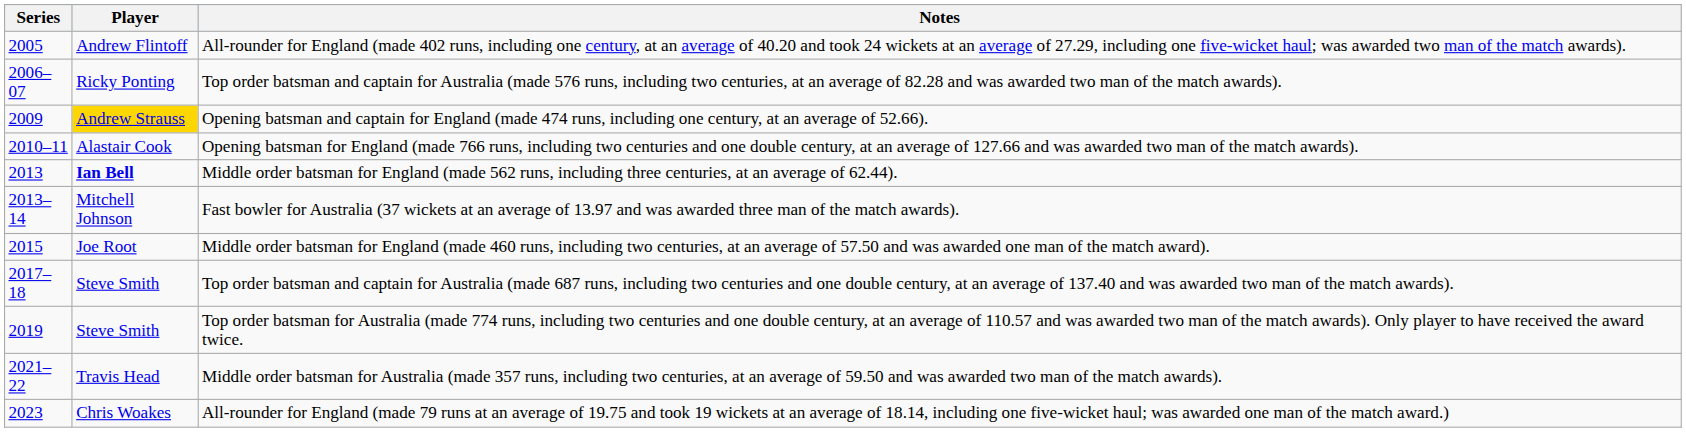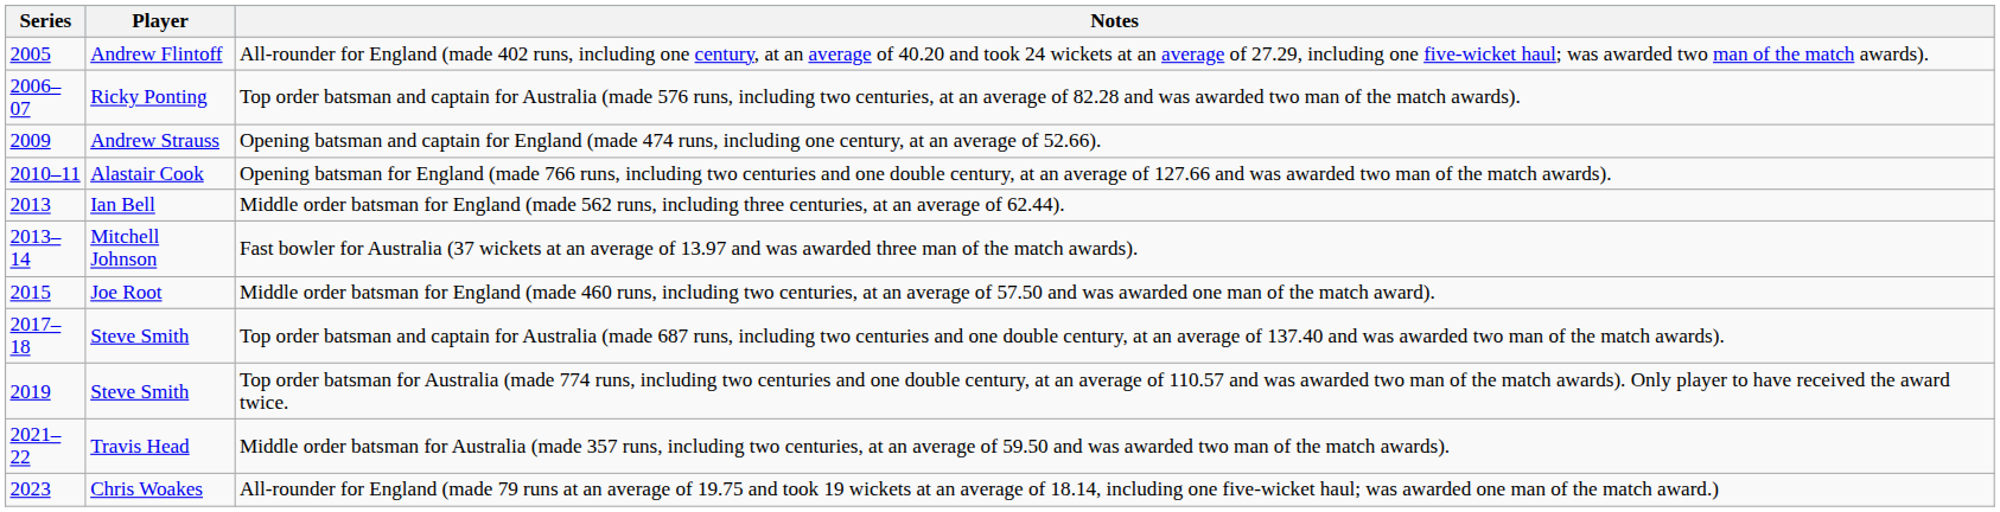 <table class="wikitable">
 <tr style="background:#87cefa;">
 <th>Series</th>
 <th>Player</th>
 <th>Notes</th>
 </tr>
 <tr>
 <td><a href='#'>2005</a></td>
 <td> <a href='#'>Andrew Flintoff</a></td>
 <td>All-rounder for England (made 402 runs, including one <a href='#'>century</a>, at an <a href='#'>average</a> of 40.20 and took 24 wickets at an <a href='#'>average</a> of 27.29, including one <a href='#'>five-wicket haul</a>; was awarded two <a href='#'>man of the match</a> awards).</td>
 </tr>
 <tr>
 <td><a href='#'>2006–07</a></td>
 <td> <a href='#'>Ricky Ponting</a></td>
 <td>Top order batsman and captain for Australia (made 576 runs, including two centuries, at an average of 82.28 and was awarded two man of the match awards).</td>
 </tr>
 <tr>
 <td><a href='#'>2009</a></td>
-<td style="background: gold;"> <a href='#'>Andrew Strauss</a></td>
+<td> <a href='#'>Andrew Strauss</a></td>
 <td>Opening batsman and captain for England (made 474 runs, including one century, at an average of 52.66).</td>
 </tr>
 <tr>
 <td><a href='#'>2010–11</a></td>
 <td> <a href='#'>Alastair Cook</a></td>
 <td>Opening batsman for England (made 766 runs, including two centuries and one double century, at an average of 127.66 and was awarded two man of the match awards).</td>
 </tr>
 <tr>
 <td><a href='#'>2013</a></td>
-<td><strong> <a href='#'>Ian Bell</a></strong></td>
+<td> <a href='#'>Ian Bell</a></td>
 <td>Middle order batsman for England (made 562 runs, including three centuries, at an average of 62.44).</td>
 </tr>
 <tr>
 <td><a href='#'>2013–14</a></td>
 <td> <a href='#'>Mitchell Johnson</a></td>
 <td>Fast bowler for Australia (37 wickets at an average of 13.97 and was awarded three man of the match awards).</td>
 </tr>
 <tr>
 <td><a href='#'>2015</a></td>
 <td> <a href='#'>Joe Root</a></td>
 <td>Middle order batsman for England (made 460 runs, including two centuries, at an average of 57.50 and was awarded one man of the match award).</td>
 </tr>
 <tr>
 <td><a href='#'>2017–18</a></td>
 <td> <a href='#'>Steve Smith</a></td>
 <td>Top order batsman and captain for Australia (made 687 runs, including two centuries and one double century, at an average of 137.40 and was awarded two man of the match awards).</td>
 </tr>
 <tr>
 <td><a href='#'>2019</a></td>
 <td> <a href='#'>Steve Smith</a></td>
 <td>Top order batsman for Australia (made 774 runs, including two centuries and one double century, at an average of 110.57 and was awarded two man of the match awards). Only player to have received the award twice.</td>
 </tr>
 <tr>
 <td><a href='#'>2021–22</a></td>
 <td> <a href='#'>Travis Head</a></td>
 <td>Middle order batsman for Australia (made 357 runs, including two centuries, at an average of 59.50 and was awarded two man of the match awards).</td>
 </tr>
 <tr>
 <td><a href='#'>2023</a></td>
 <td> <a href='#'>Chris Woakes</a></td>
 <td>All-rounder for England (made 79 runs at an average of 19.75 and took 19 wickets at an average of 18.14, including one five-wicket haul; was awarded one man of the match award.)</td>
 </tr>
 </table>
